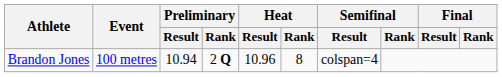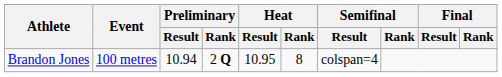 <table class="wikitable" style="font-size:90%">
 <tr>
 <th rowspan="2">Athlete</th>
 <th rowspan="2">Event</th>
 <th colspan="2">Preliminary</th>
 <th colspan="2">Heat</th>
 <th colspan="2">Semifinal</th>
 <th colspan="2">Final</th>
 </tr>
 <tr style="font-size:95%">
 <th>Result</th>
 <th>Rank</th>
 <th>Result</th>
 <th>Rank</th>
 <th>Result</th>
 <th>Rank</th>
 <th>Result</th>
 <th>Rank</th>
 </tr>
 <tr align=center>
 <td align=left><a href='#'>Brandon Jones</a></td>
 <td align=left><a href='#'>100 metres</a></td>
 <td>10.94</td>
 <td>2 <strong>Q</strong></td>
-<td>10.96</td>
+<td>10.95</td>
 <td>8</td>
 <td>colspan=4 </td>
 </tr>
 </table>
